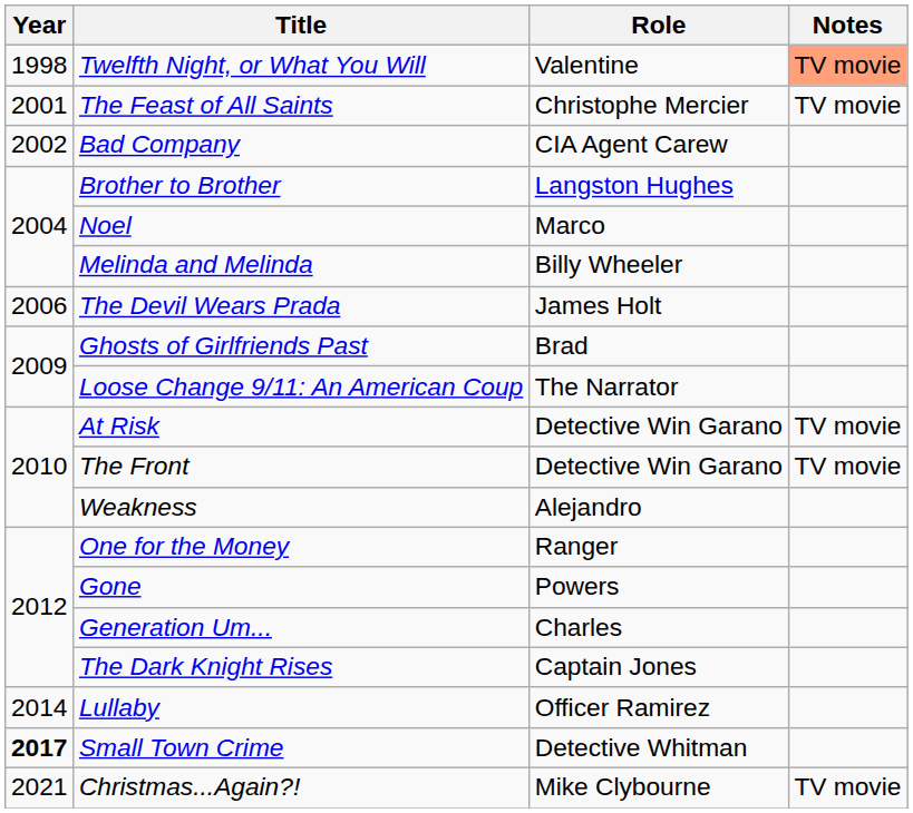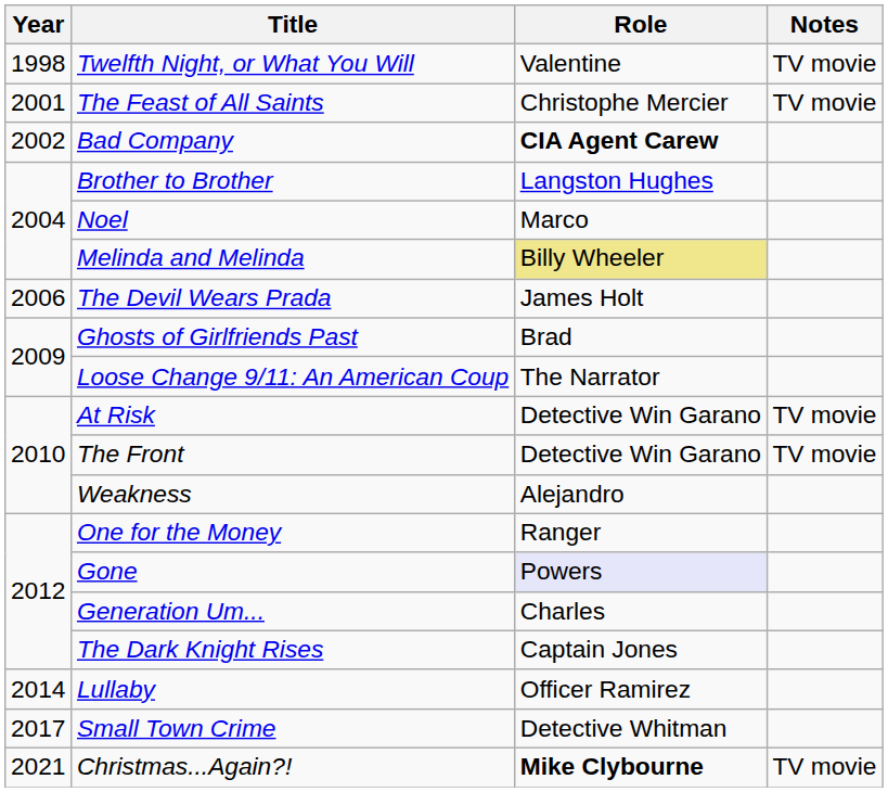 <table class="wikitable sortable">
 <tr>
 <th>Year</th>
 <th>Title</th>
 <th>Role</th>
 <th>Notes</th>
 </tr>
 <tr>
 <td>1998</td>
 <td><em><a href='#'>Twelfth Night, or What You Will</a></em></td>
 <td>Valentine</td>
-<td style="background: lightsalmon;">TV movie</td>
+<td>TV movie</td>
 </tr>
 <tr>
 <td>2001</td>
 <td><em><a href='#'>The Feast of All Saints</a></em></td>
 <td>Christophe Mercier</td>
 <td>TV movie</td>
 </tr>
 <tr>
 <td>2002</td>
 <td><em><a href='#'>Bad Company</a></em></td>
-<td>CIA Agent Carew</td>
+<td><strong>CIA Agent Carew</strong></td>
 <td></td>
 </tr>
 <tr>
 <td rowspan="3">2004</td>
 <td><em><a href='#'>Brother to Brother</a></em></td>
 <td><a href='#'>Langston Hughes</a></td>
 <td></td>
 </tr>
 <tr>
 <td><em><a href='#'>Noel</a></em></td>
 <td>Marco</td>
 <td></td>
 </tr>
 <tr>
 <td><em><a href='#'>Melinda and Melinda</a></em></td>
-<td>Billy Wheeler</td>
+<td style="background: khaki;">Billy Wheeler</td>
 <td></td>
 </tr>
 <tr>
 <td>2006</td>
 <td><em><a href='#'>The Devil Wears Prada</a></em></td>
 <td>James Holt</td>
 <td></td>
 </tr>
 <tr>
 <td rowspan="2">2009</td>
 <td><em><a href='#'>Ghosts of Girlfriends Past</a></em></td>
 <td>Brad</td>
 <td></td>
 </tr>
 <tr>
 <td><em><a href='#'>Loose Change 9/11: An American Coup</a></em></td>
 <td>The Narrator</td>
 <td></td>
 </tr>
 <tr>
 <td rowspan="3">2010</td>
 <td><em><a href='#'>At Risk</a></em></td>
 <td>Detective Win Garano</td>
 <td>TV movie</td>
 </tr>
 <tr>
 <td><em>The Front</em></td>
 <td>Detective Win Garano</td>
 <td>TV movie</td>
 </tr>
 <tr>
 <td><em>Weakness</em></td>
 <td>Alejandro</td>
 <td></td>
 </tr>
 <tr>
 <td rowspan="4">2012</td>
 <td><em><a href='#'>One for the Money</a></em></td>
 <td>Ranger</td>
 <td></td>
 </tr>
 <tr>
 <td><em><a href='#'>Gone</a></em></td>
-<td>Powers</td>
+<td style="background: lavender;">Powers</td>
 <td></td>
 </tr>
 <tr>
 <td><em><a href='#'>Generation Um...</a></em></td>
 <td>Charles</td>
 <td></td>
 </tr>
 <tr>
 <td><em><a href='#'>The Dark Knight Rises</a></em></td>
 <td>Captain Jones</td>
 <td></td>
 </tr>
 <tr>
 <td>2014</td>
 <td><em><a href='#'>Lullaby</a></em></td>
 <td>Officer Ramirez</td>
 <td></td>
 </tr>
 <tr>
-<td><strong>2017</strong></td>
+<td>2017</td>
 <td><em><a href='#'>Small Town Crime</a></em></td>
 <td>Detective Whitman</td>
 <td></td>
 </tr>
 <tr>
 <td>2021</td>
 <td><em>Christmas...Again?!</em></td>
-<td>Mike Clybourne</td>
+<td><strong>Mike Clybourne</strong></td>
 <td>TV movie</td>
 </tr>
 </table>
